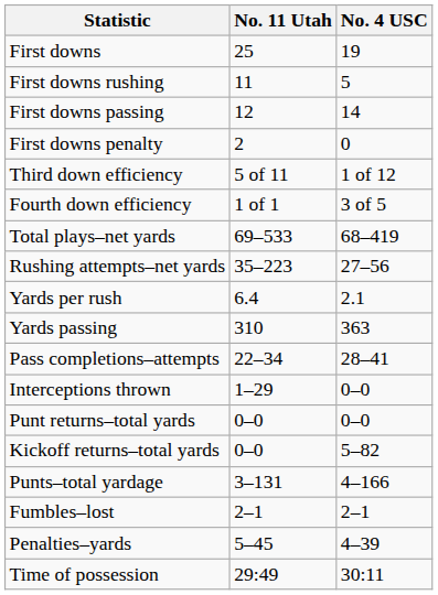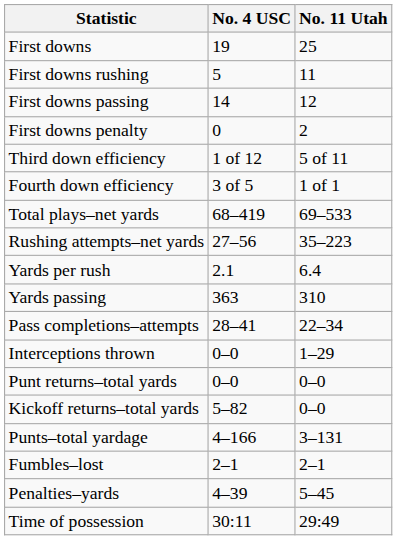 <table class="wikitable">
 <tr>
 <th>Statistic</th>
+<th><strong>No. 4 USC</strong></th>
 <th><strong>No. 11 Utah</strong></th>
-<th><strong>No. 4 USC</strong></th>
 </tr>
 <tr>
 <td>First downs</td>
+<td>19</td>
 <td>25</td>
-<td>19</td>
 </tr>
 <tr>
 <td>First downs rushing</td>
+<td>5</td>
 <td>11</td>
-<td>5</td>
 </tr>
 <tr>
 <td>First downs passing</td>
+<td>14</td>
 <td>12</td>
-<td>14</td>
 </tr>
 <tr>
 <td>First downs penalty</td>
+<td>0</td>
 <td>2</td>
-<td>0</td>
 </tr>
 <tr>
 <td>Third down efficiency</td>
+<td>1 of 12</td>
 <td>5 of 11</td>
-<td>1 of 12</td>
 </tr>
 <tr>
 <td>Fourth down efficiency</td>
+<td>3 of 5</td>
 <td>1 of 1</td>
-<td>3 of 5</td>
 </tr>
 <tr>
 <td>Total plays–net yards</td>
+<td>68–419</td>
 <td>69–533</td>
-<td>68–419</td>
 </tr>
 <tr>
 <td>Rushing attempts–net yards</td>
+<td>27–56</td>
 <td>35–223</td>
-<td>27–56</td>
 </tr>
 <tr>
 <td>Yards per rush</td>
+<td>2.1</td>
 <td>6.4</td>
-<td>2.1</td>
 </tr>
 <tr>
 <td>Yards passing</td>
+<td>363</td>
 <td>310</td>
-<td>363</td>
 </tr>
 <tr>
 <td>Pass completions–attempts</td>
+<td>28–41</td>
 <td>22–34</td>
-<td>28–41</td>
 </tr>
 <tr>
 <td>Interceptions thrown</td>
+<td>0–0</td>
 <td>1–29</td>
-<td>0–0</td>
 </tr>
 <tr>
 <td>Punt returns–total yards</td>
 <td>0–0</td>
 <td>0–0</td>
 </tr>
 <tr>
 <td>Kickoff returns–total yards</td>
+<td>5–82</td>
 <td>0–0</td>
-<td>5–82</td>
 </tr>
 <tr>
 <td>Punts–total yardage</td>
+<td>4–166</td>
 <td>3–131</td>
-<td>4–166</td>
 </tr>
 <tr>
 <td>Fumbles–lost</td>
 <td>2–1</td>
 <td>2–1</td>
 </tr>
 <tr>
 <td>Penalties–yards</td>
+<td>4–39</td>
 <td>5–45</td>
-<td>4–39</td>
 </tr>
 <tr>
 <td>Time of possession</td>
+<td>30:11</td>
 <td>29:49</td>
-<td>30:11</td>
 </tr>
 </table>
